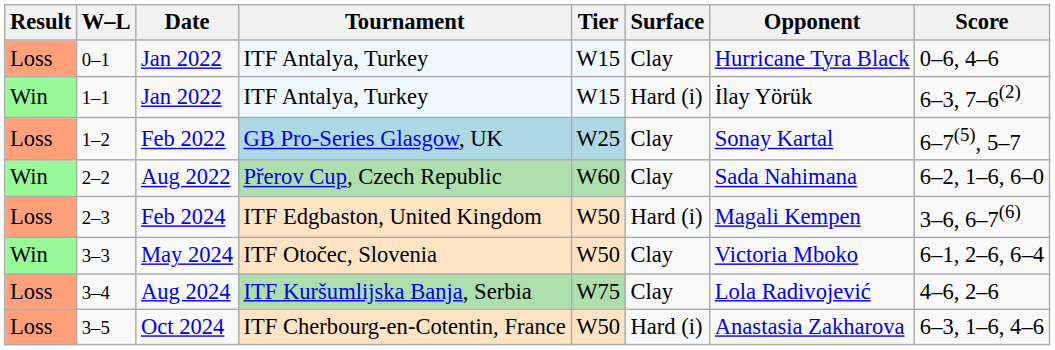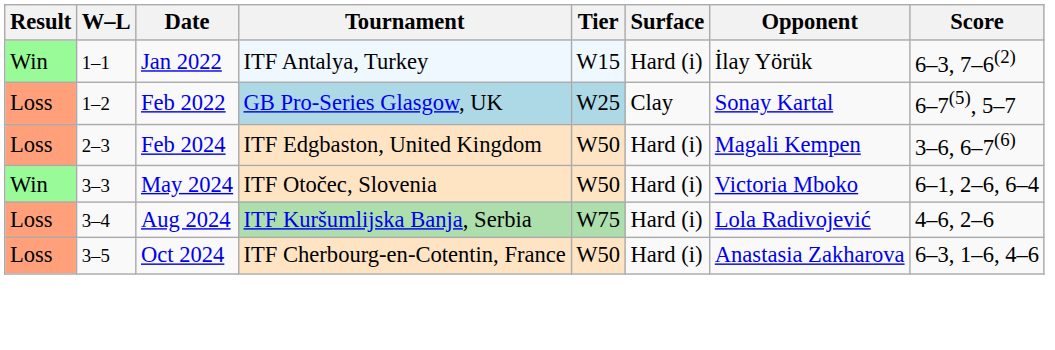 <table class="wikitable sortable">
 <tr>
 <th>Result</th>
 <th class=unsortable>W–L</th>
 <th>Date</th>
 <th>Tournament</th>
 <th>Tier</th>
 <th>Surface</th>
 <th>Opponent</th>
 <th class=unsortable>Score</th>
-</tr>
-<tr>
-<td style=background:#ffa07a>Loss</td>
-<td><small>0–1</small></td>
-<td><a href='#'>Jan 2022</a></td>
-<td style=background:#f0f8ff>ITF Antalya, Turkey</td>
-<td style=background:#f0f8ff>W15</td>
-<td>Clay</td>
-<td> <a href='#'>Hurricane Tyra Black</a></td>
-<td>0–6, 4–6</td>
 </tr>
 <tr>
 <td style=background:#98FB98>Win</td>
 <td><small>1–1</small></td>
 <td><a href='#'>Jan 2022</a></td>
 <td style=background:#f0f8ff>ITF Antalya, Turkey</td>
 <td style=background:#f0f8ff>W15</td>
 <td>Hard (i)</td>
 <td> İlay Yörük</td>
 <td>6–3, 7–6<sup>(2)</sup></td>
 </tr>
 <tr>
 <td style=background:#ffa07a>Loss</td>
 <td><small>1–2</small></td>
 <td><a href='#'>Feb 2022</a></td>
 <td style=background:lightblue><a href='#'>GB Pro-Series Glasgow</a>, UK</td>
 <td style=background:lightblue>W25</td>
 <td>Clay</td>
 <td> <a href='#'>Sonay Kartal</a></td>
 <td>6–7<sup>(5)</sup>, 5–7</td>
 </tr>
 <tr>
-<td style=background:#98FB98>Win</td>
-<td><small>2–2</small></td>
-<td><a href='#'>Aug 2022</a></td>
-<td style=background:#addfad><a href='#'>Přerov Cup</a>, Czech Republic</td>
-<td style=background:#addfad>W60</td>
-<td>Clay</td>
-<td> <a href='#'>Sada Nahimana</a></td>
-<td>6–2, 1–6, 6–0</td>
-</tr>
-<tr>
 <td style=background:#ffa07a>Loss</td>
 <td><small>2–3</small></td>
 <td><a href='#'>Feb 2024</a></td>
 <td style="background:#ffe4c4;">ITF Edgbaston, United Kingdom</td>
 <td style="background:#ffe4c4;">W50</td>
 <td>Hard (i)</td>
 <td> <a href='#'>Magali Kempen</a></td>
 <td>3–6, 6–7<sup>(6)</sup></td>
 </tr>
 <tr>
 <td style=background:#98FB98>Win</td>
 <td><small>3–3</small></td>
 <td><a href='#'>May 2024</a></td>
 <td style="background:#ffe4c4;">ITF Otočec, Slovenia</td>
 <td style="background:#ffe4c4;">W50</td>
-<td>Clay</td>
+<td>Hard (i)</td>
 <td> <a href='#'>Victoria Mboko</a></td>
 <td>6–1, 2–6, 6–4</td>
 </tr>
 <tr>
 <td style=background:#ffa07a>Loss</td>
 <td><small>3–4</small></td>
 <td><a href='#'>Aug 2024</a></td>
 <td style="background:#addfad;"><a href='#'>ITF Kuršumlijska Banja</a>, Serbia</td>
 <td style="background:#addfad;">W75</td>
-<td>Clay</td>
+<td>Hard (i)</td>
 <td> <a href='#'>Lola Radivojević</a></td>
 <td>4–6, 2–6</td>
 </tr>
 <tr>
 <td style=background:#ffa07a>Loss</td>
 <td><small>3–5</small></td>
 <td><a href='#'>Oct 2024</a></td>
 <td style="background:#ffe4c4;">ITF Cherbourg-en-Cotentin, France</td>
 <td style="background:#ffe4c4;">W50</td>
 <td>Hard (i)</td>
 <td> <a href='#'>Anastasia Zakharova</a></td>
 <td>6–3, 1–6, 4–6</td>
 </tr>
 </table>
